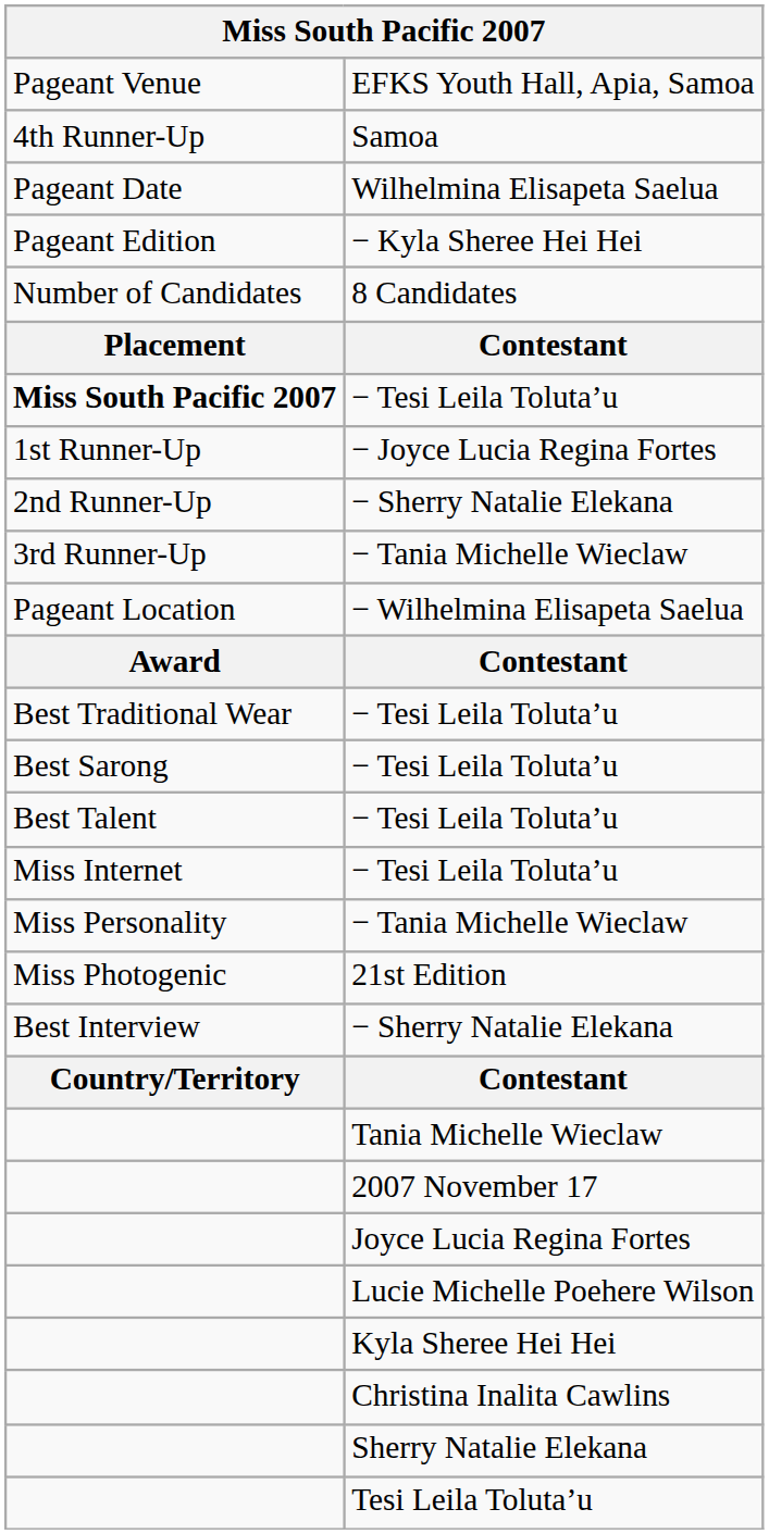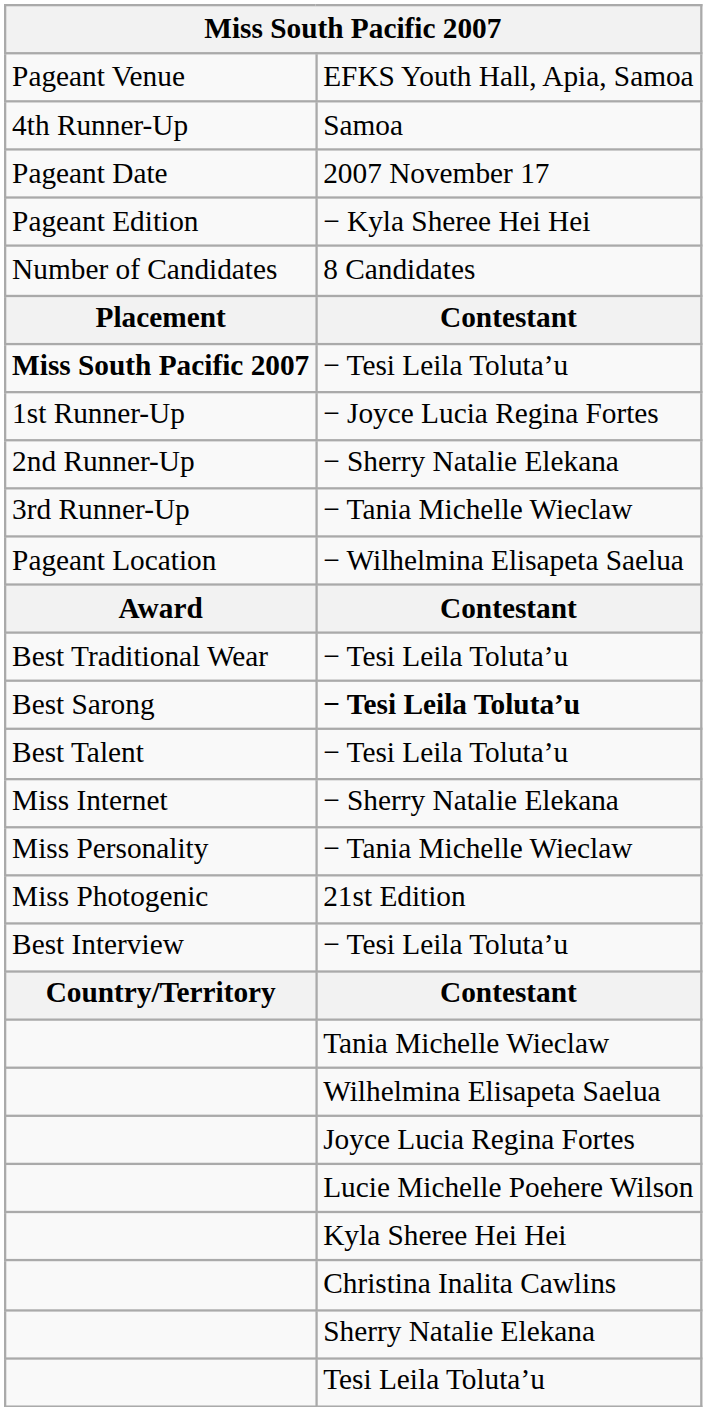 <table class="wikitable sortable" style="font-size: 80%;">
 <tr>
 <th colspan="2"><strong>Miss South Pacific 2007</strong></th>
 </tr>
 <tr>
 <td>Pageant Venue</td>
 <td>EFKS Youth Hall, Apia, Samoa</td>
 </tr>
 <tr>
 <td>4th Runner-Up</td>
 <td>Samoa</td>
 </tr>
 <tr>
 <td>Pageant Date</td>
-<td>Wilhelmina Elisapeta Saelua</td>
+<td>2007 November 17</td>
 </tr>
 <tr>
 <td>Pageant Edition</td>
 <td> − Kyla Sheree Hei Hei</td>
 </tr>
 <tr>
 <td>Number of Candidates</td>
 <td>8 Candidates</td>
 </tr>
 <tr>
 <th>Placement</th>
 <th>Contestant</th>
 </tr>
 <tr>
 <td><strong>Miss South Pacific 2007</strong></td>
 <td> − Tesi Leila Toluta’u</td>
 </tr>
 <tr>
 <td>1st Runner-Up</td>
 <td> − Joyce Lucia Regina Fortes</td>
 </tr>
 <tr>
 <td>2nd Runner-Up</td>
 <td> − Sherry Natalie Elekana</td>
 </tr>
 <tr>
 <td>3rd Runner-Up</td>
 <td> − Tania Michelle Wieclaw</td>
 </tr>
 <tr>
 <td>Pageant Location</td>
 <td> − Wilhelmina Elisapeta Saelua</td>
 </tr>
 <tr>
 <th>Award</th>
 <th>Contestant</th>
 </tr>
 <tr>
 <td>Best Traditional Wear</td>
 <td> − Tesi Leila Toluta’u</td>
 </tr>
 <tr>
 <td>Best Sarong</td>
-<td> − Tesi Leila Toluta’u</td>
+<td><strong> − Tesi Leila Toluta’u</strong></td>
 </tr>
 <tr>
 <td>Best Talent</td>
 <td> − Tesi Leila Toluta’u</td>
 </tr>
 <tr>
 <td>Miss Internet</td>
-<td> − Tesi Leila Toluta’u</td>
+<td> − Sherry Natalie Elekana</td>
 </tr>
 <tr>
 <td>Miss Personality</td>
 <td> − Tania Michelle Wieclaw</td>
 </tr>
 <tr>
 <td>Miss Photogenic</td>
 <td>21st Edition</td>
 </tr>
 <tr>
 <td>Best Interview</td>
-<td> − Sherry Natalie Elekana</td>
+<td> − Tesi Leila Toluta’u</td>
 </tr>
 <tr>
 <th><strong>Country/Territory</strong></th>
 <th>Contestant</th>
 </tr>
 <tr>
 <td></td>
 <td>Tania Michelle Wieclaw</td>
 </tr>
 <tr>
 <td></td>
-<td>2007 November 17</td>
+<td>Wilhelmina Elisapeta Saelua</td>
 </tr>
 <tr>
 <td></td>
 <td>Joyce Lucia Regina Fortes</td>
 </tr>
 <tr>
 <td></td>
 <td>Lucie Michelle Poehere Wilson</td>
 </tr>
 <tr>
 <td></td>
 <td>Kyla Sheree Hei Hei</td>
 </tr>
 <tr>
 <td></td>
 <td>Christina Inalita Cawlins</td>
 </tr>
 <tr>
 <td></td>
 <td>Sherry Natalie Elekana</td>
 </tr>
 <tr>
 <td></td>
 <td>Tesi Leila Toluta’u</td>
 </tr>
 </table>
